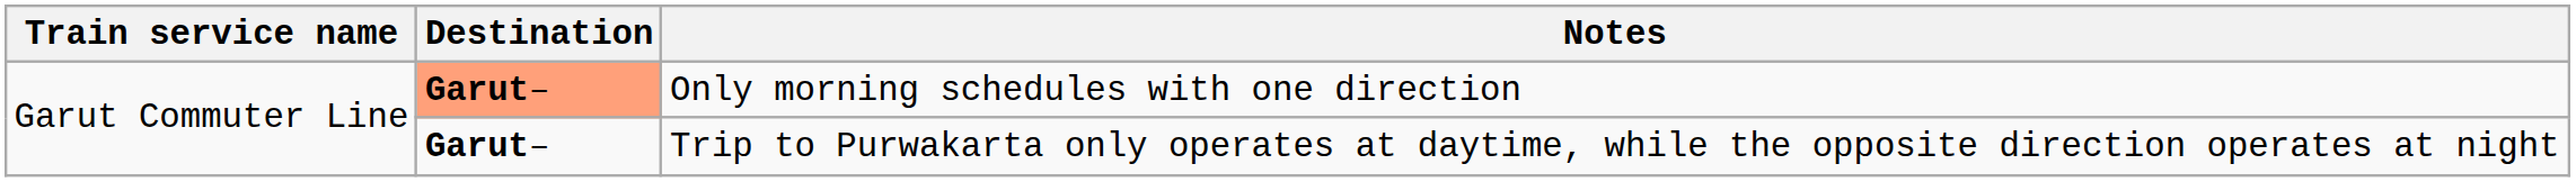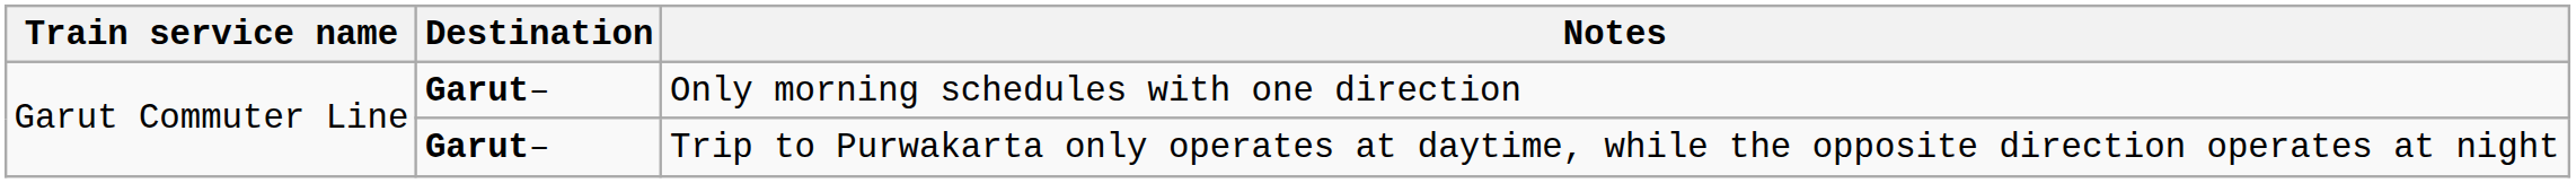 <table class="wikitable sortable">
 <tr>
 <th>Train service name</th>
 <th>Destination</th>
 <th>Notes</th>
 </tr>
 <tr>
 <td rowspan="2"> Garut Commuter Line</td>
-<td style="background: lightsalmon;"><strong>Garut</strong>–</td>
+<td><strong>Garut</strong>–</td>
 <td>Only morning schedules with one direction</td>
 </tr>
 <tr>
 <td><strong>Garut</strong>–</td>
 <td>Trip to Purwakarta only operates at daytime, while the opposite direction operates at night</td>
 </tr>
 </table>
